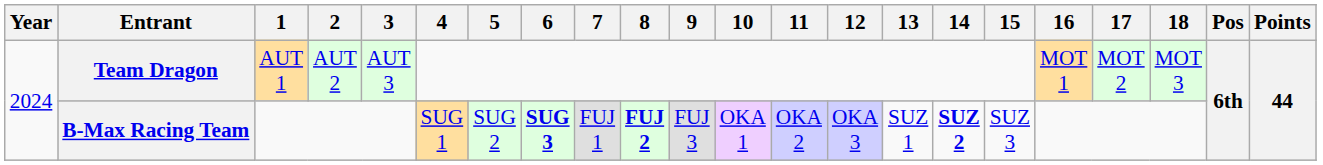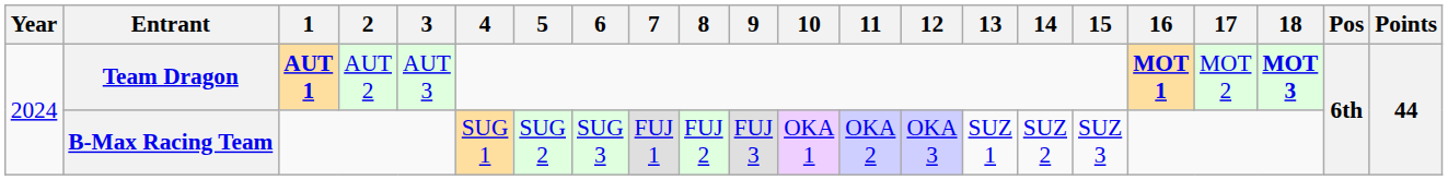 <table class="wikitable" style="text-align:center; font-size:90%">
 <tr>
 <th>Year</th>
 <th>Entrant</th>
 <th>1</th>
 <th>2</th>
 <th>3</th>
 <th>4</th>
 <th>5</th>
 <th>6</th>
 <th>7</th>
 <th>8</th>
 <th>9</th>
 <th>10</th>
 <th>11</th>
 <th>12</th>
 <th>13</th>
 <th>14</th>
 <th>15</th>
 <th>16</th>
 <th>17</th>
 <th>18</th>
 <th>Pos</th>
 <th>Points</th>
 </tr>
 <tr>
 <td rowspan="2"><a href='#'>2024</a></td>
 <th><a href='#'>Team Dragon</a></th>
-<td style="background:#FFDF9F;"><a href='#'>AUT<br>1</a><br></td>
+<td style="background:#FFDF9F;"><strong><a href='#'>AUT<br>1</a><br></strong></td>
 <td style="background:#DFFFDF;"><a href='#'>AUT<br>2</a><br></td>
 <td style="background:#DFFFDF;"><a href='#'>AUT<br>3</a><br></td>
 <td colspan=12></td>
-<td style="background:#FFDF9F;"><a href='#'>MOT<br>1</a><br></td>
+<td style="background:#FFDF9F;"><strong><a href='#'>MOT<br>1</a><br></strong></td>
 <td style="background:#DFFFDF;"><a href='#'>MOT<br>2</a><br></td>
-<td style="background:#DFFFDF;"><a href='#'>MOT<br>3</a><br></td>
+<td style="background:#DFFFDF;"><strong><a href='#'>MOT<br>3</a><br></strong></td>
 <th rowspan="2">6th</th>
 <th rowspan="2">44</th>
 </tr>
 <tr>
 <th><a href='#'>B-Max Racing Team</a></th>
 <td colspan=3></td>
 <td style="background:#FFDF9F;"><a href='#'>SUG<br>1</a><br></td>
 <td style="background:#DFFFDF;"><a href='#'>SUG<br>2</a><br></td>
-<td style="background:#DFFFDF;"><strong><a href='#'>SUG<br>3</a><br></strong></td>
+<td style="background:#DFFFDF;"><a href='#'>SUG<br>3</a><br></td>
 <td style="background:#DFDFDF;"><a href='#'>FUJ<br>1</a><br></td>
-<td style="background:#DFFFDF;"><strong><a href='#'>FUJ<br>2</a><br></strong></td>
+<td style="background:#DFFFDF;"><a href='#'>FUJ<br>2</a><br></td>
 <td style="background:#DFDFDF;"><a href='#'>FUJ<br>3</a><br></td>
 <td style="background:#EFCFFF;"><a href='#'>OKA<br>1</a><br></td>
 <td style="background:#CFCFFF;"><a href='#'>OKA<br>2</a><br></td>
 <td style="background:#CFCFFF;"><a href='#'>OKA<br>3</a><br></td>
 <td style="background:#;"><a href='#'>SUZ<br>1</a></td>
-<td style="background:#;"><strong><a href='#'>SUZ<br>2</a></strong></td>
+<td style="background:#;"><a href='#'>SUZ<br>2</a></td>
 <td style="background:#;"><a href='#'>SUZ<br>3</a></td>
 <td colspan=3></td>
 </tr>
 </table>
